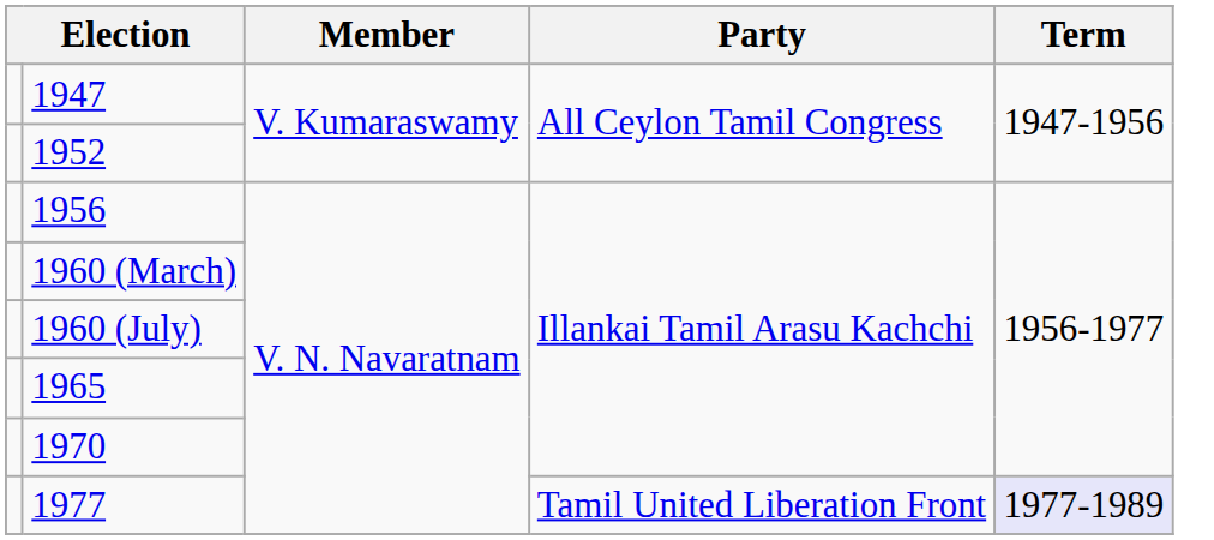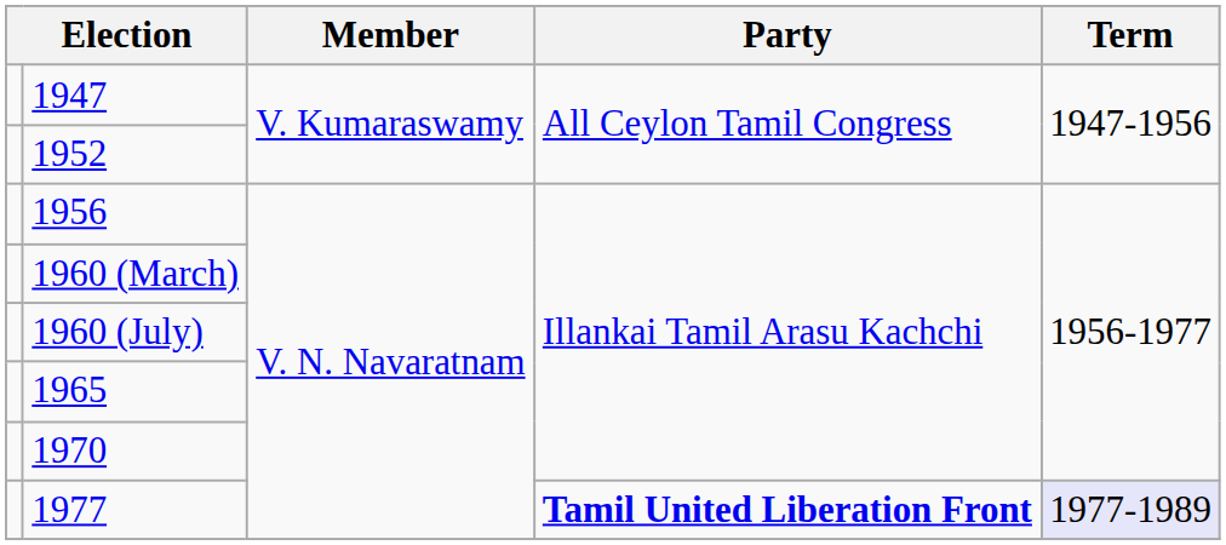 <table class="wikitable">
 <tr>
 <th colspan="2">Election</th>
 <th>Member</th>
 <th>Party</th>
 <th>Term</th>
 </tr>
 <tr>
 <td style="background-color: "></td>
 <td><a href='#'>1947</a></td>
 <td rowspan ="2"><a href='#'>V. Kumaraswamy</a></td>
 <td rowspan ="2"><a href='#'>All Ceylon Tamil Congress</a></td>
 <td rowspan ="2">1947-1956</td>
 </tr>
 <tr>
 <td style="background-color: "></td>
 <td><a href='#'>1952</a></td>
 </tr>
 <tr>
 <td style="background-color: "></td>
 <td><a href='#'>1956</a></td>
 <td rowspan ="6"><a href='#'>V. N. Navaratnam</a></td>
 <td rowspan ="5"><a href='#'>Illankai Tamil Arasu Kachchi</a></td>
 <td rowspan ="5">1956-1977</td>
 </tr>
 <tr>
 <td style="background-color: "></td>
 <td><a href='#'>1960 (March)</a></td>
 </tr>
 <tr>
 <td style="background-color: "></td>
 <td><a href='#'>1960 (July)</a></td>
 </tr>
 <tr>
 <td style="background-color: "></td>
 <td><a href='#'>1965</a></td>
 </tr>
 <tr>
 <td style="background-color: "></td>
 <td><a href='#'>1970</a></td>
 </tr>
 <tr>
 <td style="background-color: "></td>
 <td><a href='#'>1977</a></td>
-<td><a href='#'>Tamil United Liberation Front</a></td>
+<td><strong><a href='#'>Tamil United Liberation Front</a></strong></td>
 <td style="background: lavender;">1977-1989</td>
 </tr>
 </table>
